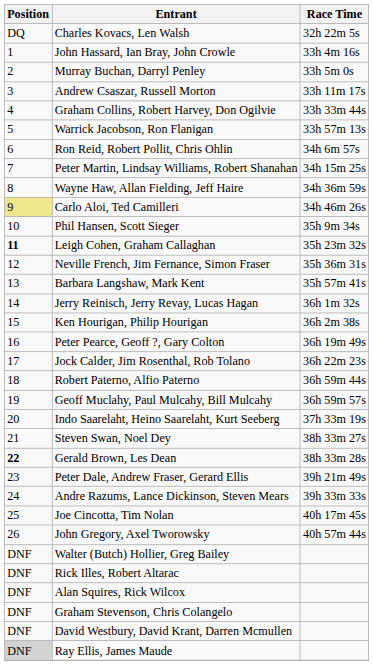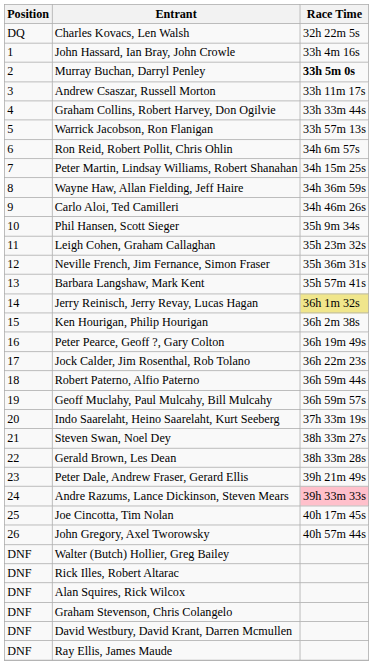 <table class="wikitable sortable">
 <tr>
 <th>Position</th>
 <th>Entrant</th>
 <th>Race Time</th>
 </tr>
 <tr>
 <td>DQ</td>
 <td>Charles Kovacs, Len Walsh</td>
 <td>32h 22m 5s</td>
 </tr>
 <tr>
 <td>1</td>
 <td>John Hassard, Ian Bray, John Crowle</td>
 <td>33h 4m 16s</td>
 </tr>
 <tr>
 <td>2</td>
 <td>Murray Buchan, Darryl Penley</td>
-<td>33h 5m 0s</td>
+<td><strong>33h 5m 0s</strong></td>
 </tr>
 <tr>
 <td>3</td>
 <td>Andrew Csaszar, Russell Morton</td>
 <td>33h 11m 17s</td>
 </tr>
 <tr>
 <td>4</td>
 <td>Graham Collins, Robert Harvey, Don Ogilvie</td>
 <td>33h 33m 44s</td>
 </tr>
 <tr>
 <td>5</td>
 <td>Warrick Jacobson, Ron Flanigan</td>
 <td>33h 57m 13s</td>
 </tr>
 <tr>
 <td>6</td>
 <td>Ron Reid, Robert Pollit, Chris Ohlin</td>
 <td>34h 6m 57s</td>
 </tr>
 <tr>
 <td>7</td>
 <td>Peter Martin, Lindsay Williams, Robert Shanahan</td>
 <td>34h 15m 25s</td>
 </tr>
 <tr>
 <td>8</td>
 <td>Wayne Haw, Allan Fielding, Jeff Haire</td>
 <td>34h 36m 59s</td>
 </tr>
 <tr>
-<td style="background: khaki;">9</td>
+<td>9</td>
 <td>Carlo Aloi, Ted Camilleri</td>
 <td>34h 46m 26s</td>
 </tr>
 <tr>
 <td>10</td>
 <td>Phil Hansen, Scott Sieger</td>
 <td>35h 9m 34s</td>
 </tr>
 <tr>
-<td><strong>11</strong></td>
+<td>11</td>
 <td>Leigh Cohen, Graham Callaghan</td>
 <td>35h 23m 32s</td>
 </tr>
 <tr>
 <td>12</td>
 <td>Neville French, Jim Fernance, Simon Fraser</td>
 <td>35h 36m 31s</td>
 </tr>
 <tr>
 <td>13</td>
 <td>Barbara Langshaw, Mark Kent</td>
 <td>35h 57m 41s</td>
 </tr>
 <tr>
 <td>14</td>
 <td>Jerry Reinisch, Jerry Revay, Lucas Hagan</td>
-<td>36h 1m 32s</td>
+<td style="background: khaki;">36h 1m 32s</td>
 </tr>
 <tr>
 <td>15</td>
 <td>Ken Hourigan, Philip Hourigan</td>
 <td>36h 2m 38s</td>
 </tr>
 <tr>
 <td>16</td>
 <td>Peter Pearce, Geoff ?, Gary Colton</td>
 <td>36h 19m 49s</td>
 </tr>
 <tr>
 <td>17</td>
 <td>Jock Calder, Jim Rosenthal, Rob Tolano</td>
 <td>36h 22m 23s</td>
 </tr>
 <tr>
 <td>18</td>
 <td>Robert Paterno, Alfio Paterno</td>
 <td>36h 59m 44s</td>
 </tr>
 <tr>
 <td>19</td>
 <td>Geoff Muclahy, Paul Mulcahy, Bill Mulcahy</td>
 <td>36h 59m 57s</td>
 </tr>
 <tr>
 <td>20</td>
 <td>Indo Saarelaht, Heino Saarelaht, Kurt Seeberg</td>
 <td>37h 33m 19s</td>
 </tr>
 <tr>
 <td>21</td>
 <td>Steven Swan, Noel Dey</td>
 <td>38h 33m 27s</td>
 </tr>
 <tr>
-<td><strong>22</strong></td>
+<td>22</td>
 <td>Gerald Brown, Les Dean</td>
 <td>38h 33m 28s</td>
 </tr>
 <tr>
 <td>23</td>
 <td>Peter Dale, Andrew Fraser, Gerard Ellis</td>
 <td>39h 21m 49s</td>
 </tr>
 <tr>
 <td>24</td>
 <td>Andre Razums, Lance Dickinson, Steven Mears</td>
-<td>39h 33m 33s</td>
+<td style="background: pink;">39h 33m 33s</td>
 </tr>
 <tr>
 <td>25</td>
 <td>Joe Cincotta, Tim Nolan</td>
 <td>40h 17m 45s</td>
 </tr>
 <tr>
 <td>26</td>
 <td>John Gregory, Axel Tworowsky</td>
 <td>40h 57m 44s</td>
 </tr>
 <tr>
 <td>DNF</td>
 <td>Walter (Butch) Hollier, Greg Bailey</td>
 <td></td>
 </tr>
 <tr>
 <td>DNF</td>
 <td>Rick Illes, Robert Altarac</td>
 <td></td>
 </tr>
 <tr>
 <td>DNF</td>
 <td>Alan Squires, Rick Wilcox</td>
 <td></td>
 </tr>
 <tr>
 <td>DNF</td>
 <td>Graham Stevenson, Chris Colangelo</td>
 <td></td>
 </tr>
 <tr>
 <td>DNF</td>
 <td>David Westbury, David Krant, Darren Mcmullen</td>
 <td></td>
 </tr>
 <tr>
-<td style="background: lightgrey;">DNF</td>
+<td>DNF</td>
 <td>Ray Ellis, James Maude</td>
 <td></td>
 </tr>
 <tr>
 </tr>
 </table>
